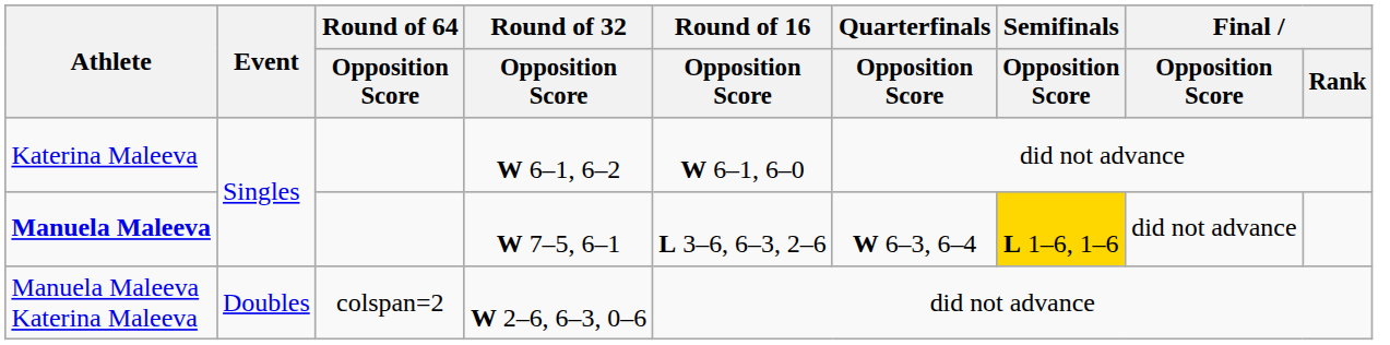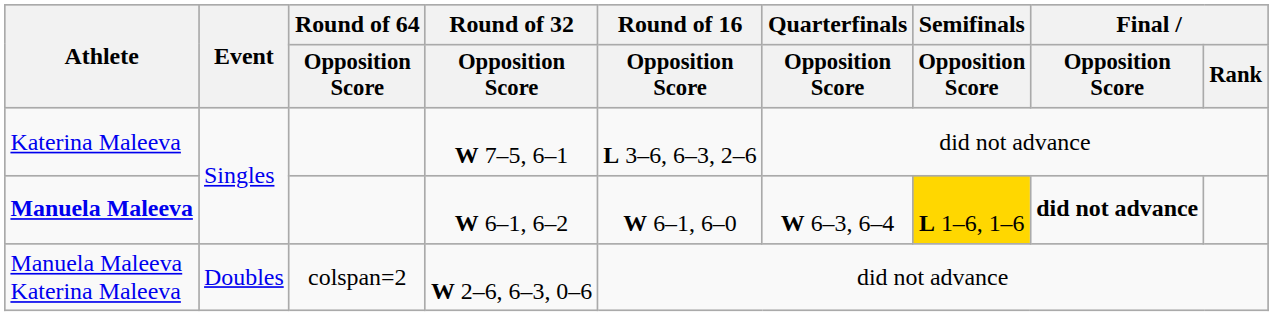 <table class=wikitable style="font-size:90%; text-align:center;">
 <tr>
 <th rowspan=2>Athlete</th>
 <th rowspan=2>Event</th>
 <th>Round of 64</th>
 <th>Round of 32</th>
 <th>Round of 16</th>
 <th>Quarterfinals</th>
 <th>Semifinals</th>
 <th colspan=2>Final / </th>
 </tr>
 <tr style="font-size:95%">
 <th>Opposition<br>Score</th>
 <th>Opposition<br>Score</th>
 <th>Opposition<br>Score</th>
 <th>Opposition<br>Score</th>
 <th>Opposition<br>Score</th>
 <th>Opposition<br>Score</th>
 <th>Rank</th>
 </tr>
 <tr>
 <td align=left><a href='#'>Katerina Maleeva</a></td>
 <td style="text-align:left;" rowspan="2"><a href='#'>Singles</a></td>
 <td></td>
-<td><br><strong>W</strong> 6–1, 6–2</td>
-<td><br><strong>W</strong> 6–1, 6–0</td>
+<td><br><strong>W</strong> 7–5, 6–1</td>
+<td><br><strong>L</strong> 3–6, 6–3, 2–6</td>
 <td colspan=6>did not advance</td>
 </tr>
 <tr>
 <td align=left><strong><a href='#'>Manuela Maleeva</a></strong></td>
 <td></td>
-<td><br><strong>W</strong> 7–5, 6–1</td>
-<td><br><strong>L</strong> 3–6, 6–3, 2–6</td>
+<td><br><strong>W</strong> 6–1, 6–2</td>
+<td><br><strong>W</strong> 6–1, 6–0</td>
 <td><br><strong>W</strong> 6–3, 6–4</td>
 <td style="background: gold;"><br><strong>L</strong> 1–6, 1–6</td>
-<td colspan=1>did not advance</td>
+<td colspan=1><strong>did not advance</strong></td>
 <td></td>
 </tr>
 <tr>
 <td align=left><a href='#'>Manuela Maleeva</a><br><a href='#'>Katerina Maleeva</a></td>
 <td style="text-align:left;" rowspan="1"><a href='#'>Doubles</a></td>
 <td>colspan=2 </td>
 <td><br><strong>W</strong> 2–6, 6–3, 0–6</td>
 <td colspan=6>did not advance</td>
 </tr>
 </table>
